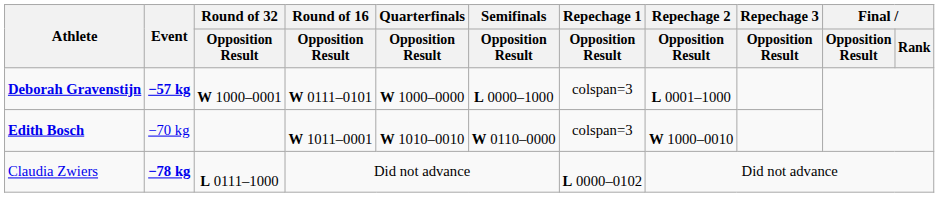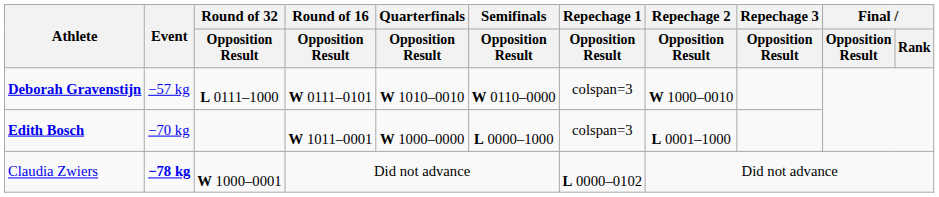 <table class="wikitable" style="font-size:90%">
 <tr>
 <th rowspan="2">Athlete</th>
 <th rowspan="2">Event</th>
 <th>Round of 32</th>
 <th>Round of 16</th>
 <th>Quarterfinals</th>
 <th>Semifinals</th>
 <th>Repechage 1</th>
 <th>Repechage 2</th>
 <th>Repechage 3</th>
 <th colspan=2>Final / </th>
 </tr>
 <tr style="font-size:95%">
 <th>Opposition<br>Result</th>
 <th>Opposition<br>Result</th>
 <th>Opposition<br>Result</th>
 <th>Opposition<br>Result</th>
 <th>Opposition<br>Result</th>
 <th>Opposition<br>Result</th>
 <th>Opposition<br>Result</th>
 <th>Opposition<br>Result</th>
 <th>Rank</th>
 </tr>
 <tr align=center>
 <td align=left><strong><a href='#'>Deborah Gravenstijn</a></strong></td>
-<td align=left><strong><a href='#'>−57 kg</a></strong></td>
-<td><br><strong>W</strong> 1000–0001</td>
+<td align=left><a href='#'>−57 kg</a></td>
+<td><br><strong>L</strong> 0111–1000</td>
 <td><br><strong>W</strong> 0111–0101</td>
+<td><br><strong>W</strong> 1010–0010</td>
+<td><br><strong>W</strong> 0110–0000</td>
+<td>colspan=3 </td>
+<td><br><strong>W</strong> 1000–0010</td>
+<td></td>
+</tr>
+<tr align=center>
+<td align=left><strong><a href='#'>Edith Bosch</a></strong></td>
+<td align=left><a href='#'>−70 kg</a></td>
+<td></td>
+<td><br><strong>W</strong> 1011–0001</td>
 <td><br><strong>W</strong> 1000–0000</td>
 <td><br><strong>L</strong> 0000–1000</td>
 <td>colspan=3 </td>
 <td><br><strong>L</strong> 0001–1000</td>
 <td></td>
 </tr>
 <tr align=center>
-<td align=left><strong><a href='#'>Edith Bosch</a></strong></td>
-<td align=left><a href='#'>−70 kg</a></td>
-<td></td>
-<td><br><strong>W</strong> 1011–0001</td>
-<td><br><strong>W</strong> 1010–0010</td>
-<td><br><strong>W</strong> 0110–0000</td>
-<td>colspan=3 </td>
-<td><br><strong>W</strong> 1000–0010</td>
-<td></td>
-</tr>
-<tr align=center>
 <td align=left><a href='#'>Claudia Zwiers</a></td>
 <td align=left><strong><a href='#'>−78 kg</a></strong></td>
-<td><br><strong>L</strong> 0111–1000</td>
+<td><br><strong>W</strong> 1000–0001</td>
 <td colspan=3>Did not advance</td>
 <td><br><strong>L</strong> 0000–0102</td>
 <td colspan=4>Did not advance</td>
 </tr>
 </table>
